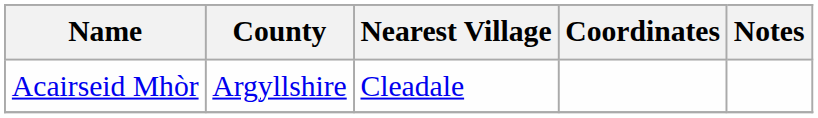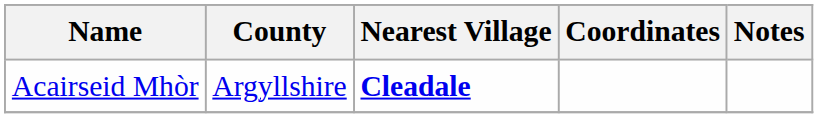 <table class="wikitable sortable" style="table-layout:fixed;background-color:#FEFEFE;font-size:95%;padding:0.30em;line-height:1.35em;">
 <tr>
 <th scope="col">Name</th>
 <th scope="col">County</th>
 <th scope="col">Nearest Village</th>
 <th scope="col" data-sort-type="number">Coordinates</th>
 <th scope="col">Notes</th>
 </tr>
 <tr>
 <td><a href='#'>Acairseid Mhòr</a></td>
 <td><a href='#'>Argyllshire</a></td>
-<td><a href='#'>Cleadale</a></td>
+<td><strong><a href='#'>Cleadale</a></strong></td>
 <td></td>
 <td></td>
 </tr>
 <tr>
 </tr>
 </table>
